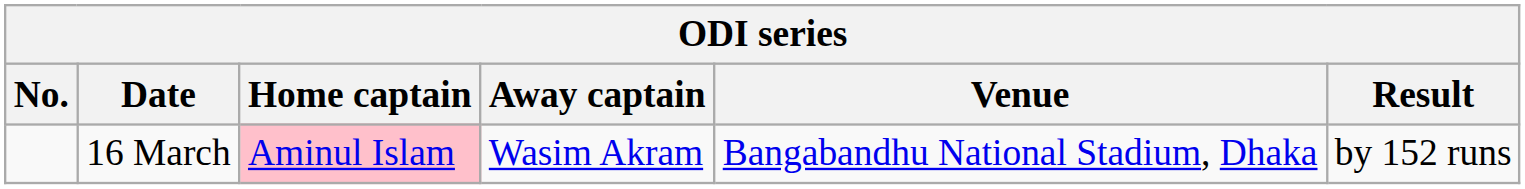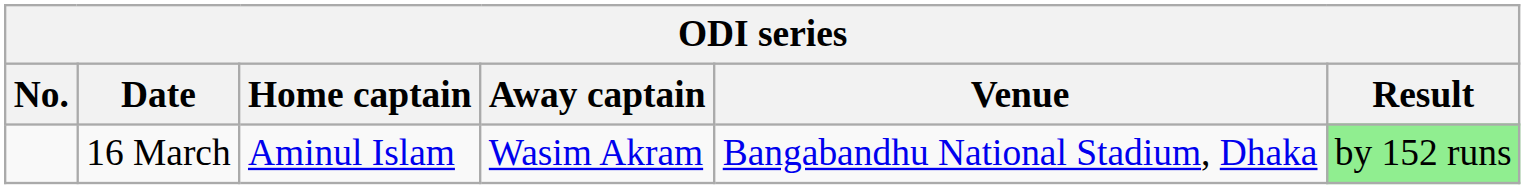 <table class="wikitable">
 <tr>
 <th colspan="9">ODI series</th>
 </tr>
 <tr>
 <th>No.</th>
 <th>Date</th>
 <th>Home captain</th>
 <th>Away captain</th>
 <th>Venue</th>
 <th>Result</th>
 </tr>
 <tr>
 <td></td>
 <td>16 March</td>
-<td style="background: pink;"><a href='#'>Aminul Islam</a></td>
+<td><a href='#'>Aminul Islam</a></td>
 <td><a href='#'>Wasim Akram</a></td>
 <td><a href='#'>Bangabandhu National Stadium</a>, <a href='#'>Dhaka</a></td>
-<td> by 152 runs</td>
+<td style="background: lightgreen;"> by 152 runs</td>
 </tr>
 </table>
